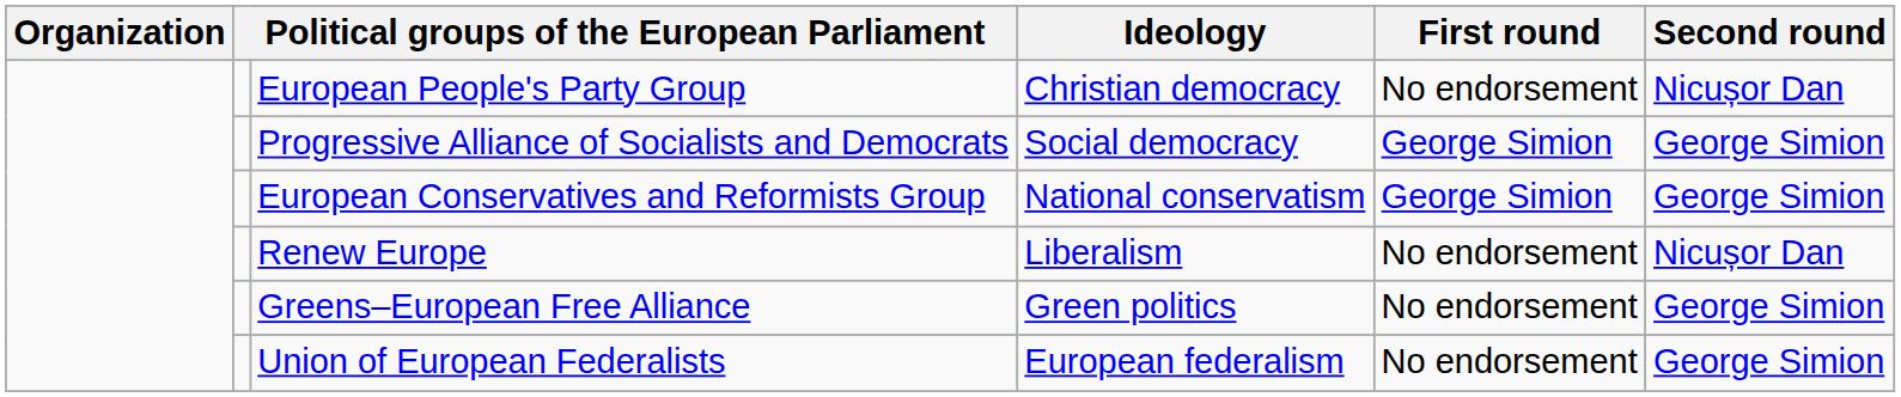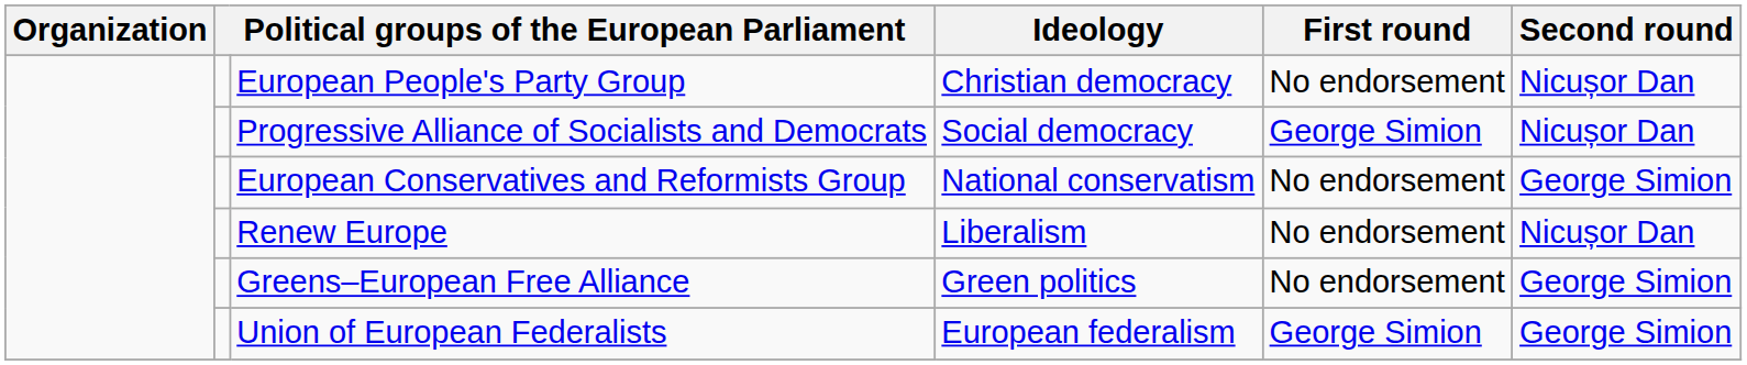 <table class="wikitable nowrap sortable collapsible collapsed">
 <tr>
 <th>Organization</th>
 <th colspan="2">Political groups of the European Parliament</th>
 <th>Ideology</th>
 <th>First round</th>
 <th>Second round</th>
 </tr>
 <tr>
 <td rowspan=6></td>
 <td style="background-color: "></td>
 <td><a href='#'>European People's Party Group</a></td>
 <td><a href='#'>Christian democracy</a></td>
 <td>No endorsement</td>
 <td><a href='#'>Nicușor Dan</a></td>
 </tr>
 <tr>
 <td style="background-color: "></td>
 <td><a href='#'>Progressive Alliance of Socialists and Democrats</a></td>
 <td><a href='#'>Social democracy</a></td>
 <td><a href='#'>George Simion</a></td>
-<td><a href='#'>George Simion</a></td>
+<td><a href='#'>Nicușor Dan</a></td>
 </tr>
 <tr>
 <td style="background-color: "></td>
 <td><a href='#'>European Conservatives and Reformists Group</a></td>
 <td><a href='#'>National conservatism</a></td>
-<td><a href='#'>George Simion</a></td>
+<td>No endorsement</td>
 <td><a href='#'>George Simion</a></td>
 </tr>
 <tr>
 <td style="background-color: "></td>
 <td><a href='#'>Renew Europe</a></td>
 <td><a href='#'>Liberalism</a></td>
 <td>No endorsement</td>
 <td><a href='#'>Nicușor Dan</a></td>
 </tr>
 <tr>
 <td style="background-color: "></td>
 <td><a href='#'>Greens–European Free Alliance</a></td>
 <td><a href='#'>Green politics</a></td>
 <td>No endorsement</td>
 <td><a href='#'>George Simion</a></td>
 </tr>
 <tr>
 <td style="background-color: "></td>
 <td><a href='#'>Union of European Federalists</a></td>
 <td><a href='#'>European federalism</a></td>
-<td>No endorsement</td>
+<td><a href='#'>George Simion</a></td>
 <td><a href='#'>George Simion</a></td>
 </tr>
 </table>
